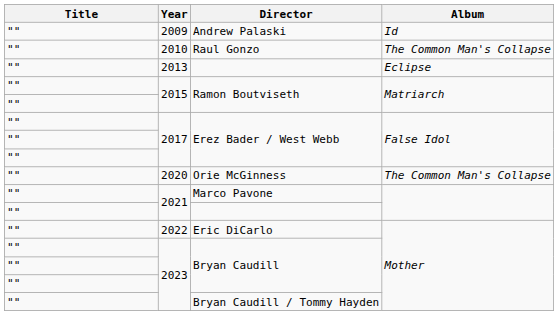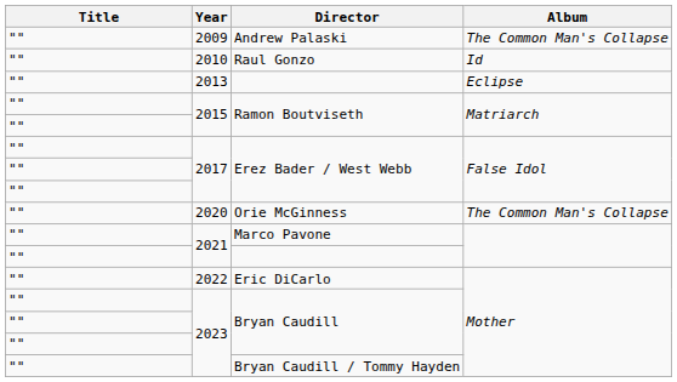 <table class="wikitable">
 <tr>
 <th style="width:175px;">Title</th>
 <th>Year</th>
 <th>Director</th>
 <th>Album</th>
 </tr>
 <tr>
 <td>""</td>
 <td>2009</td>
 <td>Andrew Palaski</td>
-<td><em>Id</em></td>
+<td><em>The Common Man's Collapse</em></td>
 </tr>
 <tr>
 <td>""</td>
 <td>2010</td>
 <td>Raul Gonzo</td>
-<td><em>The Common Man's Collapse</em></td>
+<td><em>Id</em></td>
 </tr>
 <tr>
 <td>""</td>
 <td>2013</td>
 <td></td>
 <td><em>Eclipse</em></td>
 </tr>
 <tr>
 <td>""</td>
 <td rowspan="2">2015</td>
 <td rowspan="2">Ramon Boutviseth</td>
 <td rowspan="2"><em>Matriarch</em></td>
 </tr>
 <tr>
 <td>""</td>
 </tr>
 <tr>
 <td>""</td>
 <td rowspan="3">2017</td>
 <td rowspan="3">Erez Bader / West Webb</td>
 <td rowspan="3"><em>False Idol</em></td>
 </tr>
 <tr>
 <td>""</td>
 </tr>
 <tr>
 <td>""</td>
 </tr>
 <tr>
 <td>""</td>
 <td>2020</td>
 <td>Orie McGinness</td>
 <td><em>The Common Man's Collapse</em></td>
 </tr>
 <tr>
 <td>""</td>
 <td rowspan="2">2021</td>
 <td>Marco Pavone</td>
 </tr>
 <tr>
 <td>""</td>
 <td></td>
 </tr>
 <tr>
 <td>""</td>
 <td>2022</td>
 <td>Eric DiCarlo</td>
 <td rowspan="5"><em>Mother</em></td>
 </tr>
 <tr>
 <td>""</td>
 <td rowspan="4">2023</td>
 <td rowspan="3">Bryan Caudill</td>
 </tr>
 <tr>
 <td>""</td>
 </tr>
 <tr>
 <td>""</td>
 </tr>
 <tr>
 <td>""</td>
 <td>Bryan Caudill / Tommy Hayden</td>
 </tr>
 </table>
